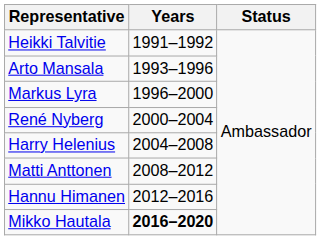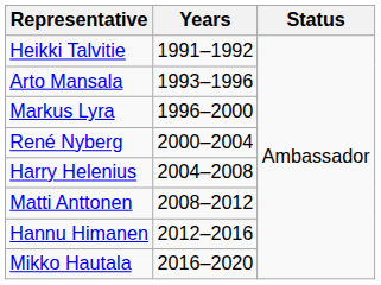 <table class="wikitable sortable">
 <tr>
 <th>Representative</th>
 <th>Years</th>
 <th>Status</th>
 </tr>
 <tr>
 <td><a href='#'>Heikki Talvitie</a></td>
 <td>1991–1992</td>
 <td rowspan="8">Ambassador</td>
 </tr>
 <tr>
 <td><a href='#'>Arto Mansala</a></td>
 <td>1993–1996</td>
 </tr>
 <tr>
 <td><a href='#'>Markus Lyra</a></td>
 <td>1996–2000</td>
 </tr>
 <tr>
 <td><a href='#'>René Nyberg</a></td>
 <td>2000–2004</td>
 </tr>
 <tr>
 <td><a href='#'>Harry Helenius</a></td>
 <td>2004–2008</td>
 </tr>
 <tr>
 <td><a href='#'>Matti Anttonen</a></td>
 <td>2008–2012</td>
 </tr>
 <tr>
 <td><a href='#'>Hannu Himanen</a></td>
 <td>2012–2016</td>
 </tr>
 <tr>
 <td><a href='#'>Mikko Hautala</a></td>
-<td><strong>2016–2020</strong></td>
+<td>2016–2020</td>
 </tr>
 </table>
